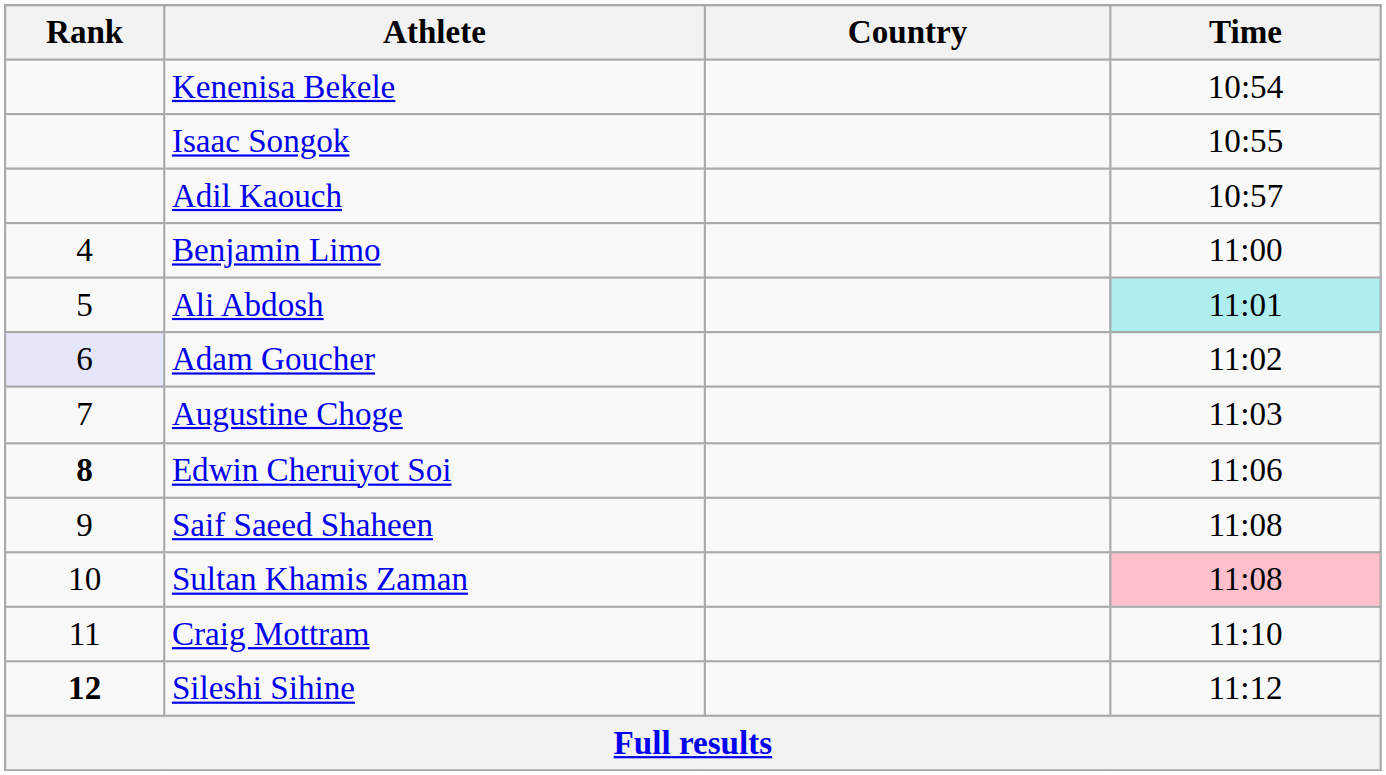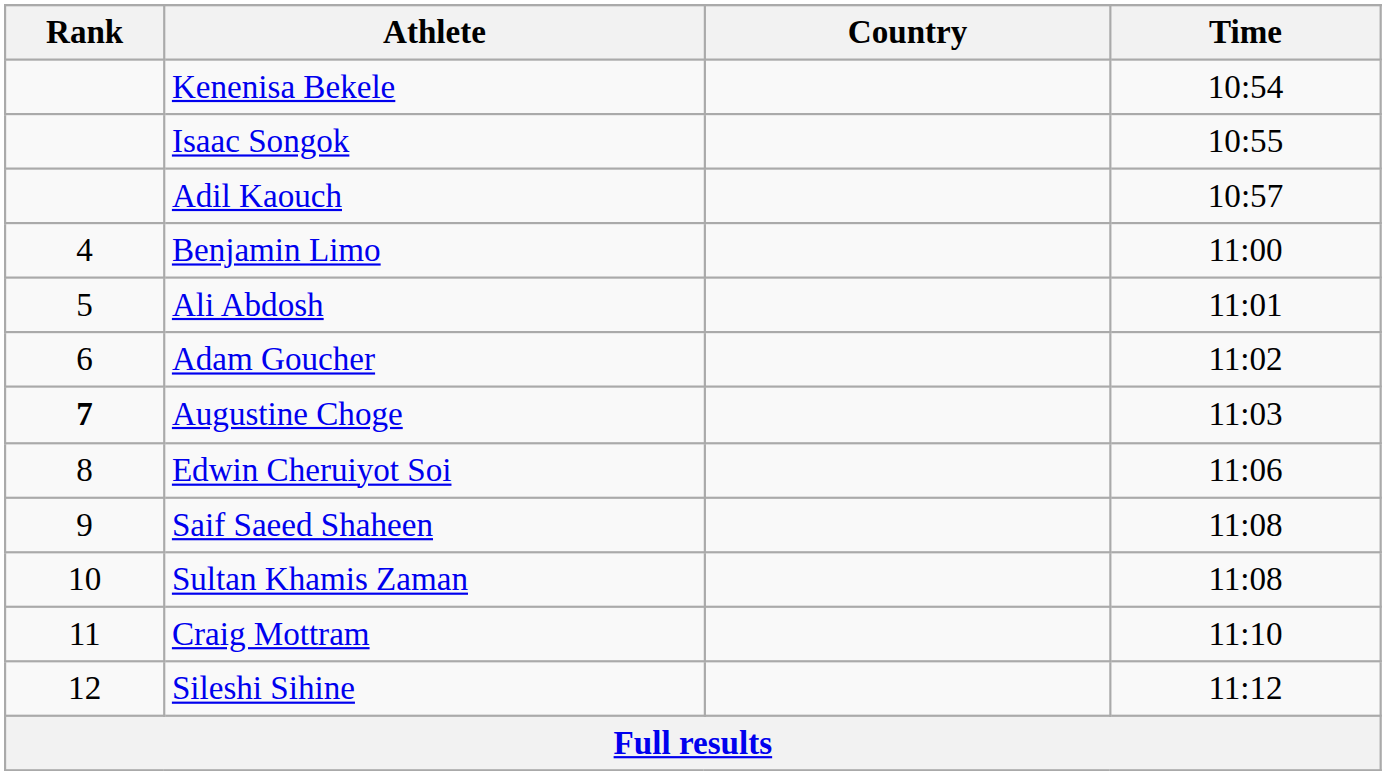 <table class="wikitable sortable" style=" text-align:center; font-size:95%;" width="50%">
 <tr>
 </tr>
 <tr>
 <th width=5%>Rank</th>
 <th width=20%>Athlete</th>
 <th width=15%>Country</th>
 <th width=10%>Time</th>
 </tr>
 <tr>
 <td align=center></td>
 <td align=left><a href='#'>Kenenisa Bekele</a></td>
 <td align=left></td>
 <td>10:54</td>
 </tr>
 <tr>
 <td align=center></td>
 <td align=left><a href='#'>Isaac Songok</a></td>
 <td align=left></td>
 <td>10:55</td>
 </tr>
 <tr>
 <td align=center></td>
 <td align=left><a href='#'>Adil Kaouch</a></td>
 <td align=left></td>
 <td>10:57</td>
 </tr>
 <tr>
 <td align=center>4</td>
 <td align=left><a href='#'>Benjamin Limo</a></td>
 <td align=left></td>
 <td>11:00</td>
 </tr>
 <tr>
 <td align=center>5</td>
 <td align=left><a href='#'>Ali Abdosh</a></td>
 <td align=left></td>
-<td style="background: paleturquoise;">11:01</td>
+<td>11:01</td>
 </tr>
 <tr>
-<td align=center style="background: lavender;">6</td>
+<td align=center>6</td>
 <td align=left><a href='#'>Adam Goucher</a></td>
 <td align=left></td>
 <td>11:02</td>
 </tr>
 <tr>
-<td align=center>7</td>
+<td align=center><strong>7</strong></td>
 <td align=left><a href='#'>Augustine Choge</a></td>
 <td align=left></td>
 <td>11:03</td>
 </tr>
 <tr>
-<td align=center><strong>8</strong></td>
+<td align=center>8</td>
 <td align=left><a href='#'>Edwin Cheruiyot Soi</a></td>
 <td align=left></td>
 <td>11:06</td>
 </tr>
 <tr>
 <td align=center>9</td>
 <td align=left><a href='#'>Saif Saeed Shaheen</a></td>
 <td align=left></td>
 <td>11:08</td>
 </tr>
 <tr>
 <td align=center>10</td>
 <td align=left><a href='#'>Sultan Khamis Zaman</a></td>
 <td align=left></td>
-<td style="background: pink;">11:08</td>
+<td>11:08</td>
 </tr>
 <tr>
 <td align=center>11</td>
 <td align=left><a href='#'>Craig Mottram</a></td>
 <td align=left></td>
 <td>11:10</td>
 </tr>
 <tr>
-<td align=center><strong>12</strong></td>
+<td align=center>12</td>
 <td align=left><a href='#'>Sileshi Sihine</a></td>
 <td align=left></td>
 <td>11:12</td>
 </tr>
 <tr class="sortbottom">
 <th colspan=4 align=center><a href='#'>Full results</a></th>
 </tr>
 </table>
